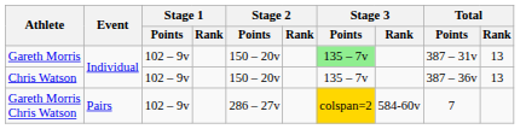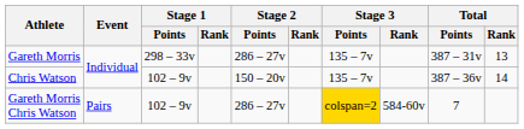 <table class="wikitable" style="font-size:90%;">
 <tr>
 <th rowspan=2>Athlete</th>
 <th rowspan=2>Event</th>
 <th colspan=2>Stage 1</th>
 <th colspan=2>Stage 2</th>
 <th colspan=2>Stage 3</th>
 <th colspan=2>Total</th>
 </tr>
 <tr style="font-size:95%">
 <th>Points</th>
 <th>Rank</th>
 <th>Points</th>
 <th>Rank</th>
 <th>Points</th>
 <th>Rank</th>
 <th>Points</th>
 <th>Rank</th>
 </tr>
 <tr align=center>
 <td align=left><a href='#'>Gareth Morris</a></td>
 <td align=left rowspan=2><a href='#'>Individual</a></td>
-<td>102 – 9v</td>
+<td>298 – 33v</td>
 <td></td>
-<td>150 – 20v</td>
+<td>286 – 27v</td>
 <td></td>
-<td style="background: lightgreen;">135 – 7v</td>
+<td>135 – 7v</td>
 <td></td>
 <td>387 – 31v</td>
 <td>13</td>
 </tr>
 <tr align=center>
 <td align=left><a href='#'>Chris Watson</a></td>
 <td>102 – 9v</td>
 <td></td>
 <td>150 – 20v</td>
 <td></td>
 <td>135 – 7v</td>
 <td></td>
 <td>387 – 36v</td>
-<td>13</td>
+<td>14</td>
 </tr>
 <tr align=center>
 <td align=left><a href='#'>Gareth Morris</a><br><a href='#'>Chris Watson</a></td>
 <td align=left><a href='#'>Pairs</a></td>
 <td>102 – 9v</td>
 <td></td>
 <td>286 – 27v</td>
 <td></td>
 <td style="background: gold;">colspan=2 </td>
 <td>584-60v</td>
 <td>7</td>
 </tr>
 </table>
